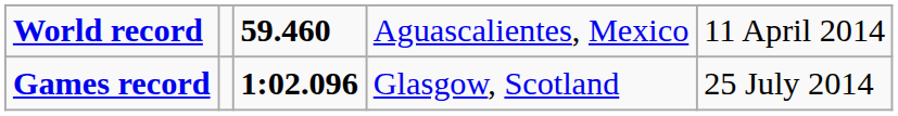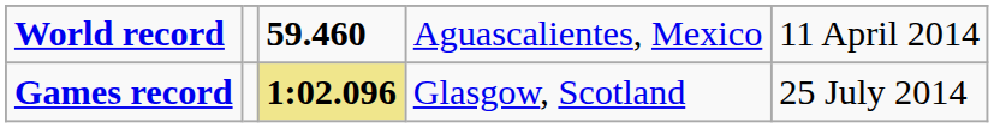 <table class="wikitable">
 <tr>
 <td><a href='#'><strong>World record</strong></a></td>
 <td></td>
 <td><strong>59.460</strong></td>
 <td><a href='#'>Aguascalientes</a>, <a href='#'>Mexico</a></td>
 <td>11 April 2014</td>
 </tr>
 <tr>
 <td><a href='#'><strong>Games record</strong></a></td>
 <td></td>
-<td><strong>1:02.096</strong></td>
+<td style="background: khaki;"><strong>1:02.096</strong></td>
 <td><a href='#'>Glasgow</a>, <a href='#'>Scotland</a></td>
 <td>25 July 2014</td>
 </tr>
 </table>
